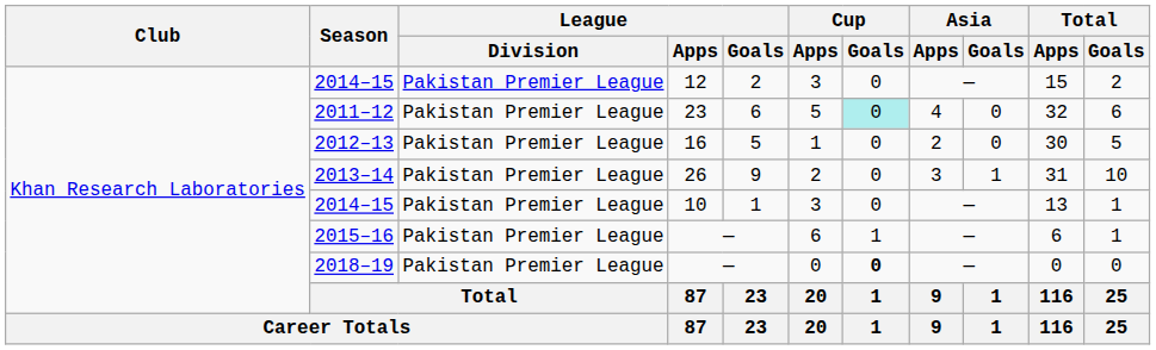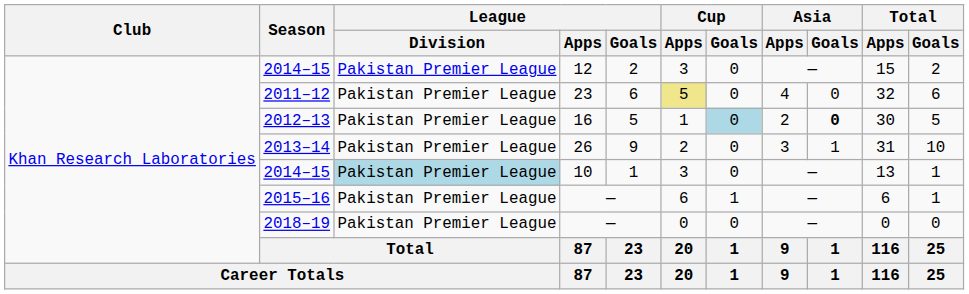 <table class="wikitable" style="text-align: center;">
 <tr>
 <th rowspan="2">Club</th>
 <th rowspan="2">Season</th>
 <th colspan="3">League</th>
 <th colspan="2">Cup</th>
 <th colspan="2">Asia</th>
 <th colspan="2">Total</th>
 </tr>
 <tr>
 <th>Division</th>
 <th>Apps</th>
 <th>Goals</th>
 <th>Apps</th>
 <th>Goals</th>
 <th>Apps</th>
 <th>Goals</th>
 <th>Apps</th>
 <th>Goals</th>
 </tr>
 <tr>
 <td rowspan="8" valign="center"><a href='#'>Khan Research Laboratories</a></td>
 <td><a href='#'>2014–15</a></td>
 <td><a href='#'>Pakistan Premier League</a></td>
 <td>12</td>
 <td>2</td>
 <td>3</td>
 <td>0</td>
 <td colspan="2">—</td>
 <td>15</td>
 <td>2</td>
 </tr>
 <tr>
 <td><a href='#'>2011–12</a></td>
 <td>Pakistan Premier League</td>
 <td>23</td>
 <td>6</td>
-<td>5</td>
-<td style="background: paleturquoise;">0</td>
+<td style="background: khaki;">5</td>
+<td>0</td>
 <td>4</td>
 <td>0</td>
 <td>32</td>
 <td>6</td>
 </tr>
 <tr>
 <td><a href='#'>2012–13</a></td>
 <td>Pakistan Premier League</td>
 <td>16</td>
 <td>5</td>
 <td>1</td>
-<td>0</td>
+<td style="background: lightblue;">0</td>
 <td>2</td>
-<td>0</td>
+<td><strong>0</strong></td>
 <td>30</td>
 <td>5</td>
 </tr>
 <tr>
 <td><a href='#'>2013–14</a></td>
 <td>Pakistan Premier League</td>
 <td>26</td>
 <td>9</td>
 <td>2</td>
 <td>0</td>
 <td>3</td>
 <td>1</td>
 <td>31</td>
 <td>10</td>
 </tr>
 <tr>
 <td><a href='#'>2014–15</a></td>
-<td>Pakistan Premier League</td>
+<td style="background: lightblue;">Pakistan Premier League</td>
 <td>10</td>
 <td>1</td>
 <td>3</td>
 <td>0</td>
 <td colspan="2">—</td>
 <td>13</td>
 <td>1</td>
 </tr>
 <tr>
 <td><a href='#'>2015–16</a></td>
 <td>Pakistan Premier League</td>
 <td colspan="2">—</td>
 <td>6</td>
 <td>1</td>
 <td colspan="2">—</td>
 <td>6</td>
 <td>1</td>
 </tr>
 <tr>
 <td><a href='#'>2018–19</a></td>
 <td>Pakistan Premier League</td>
 <td colspan="2">—</td>
 <td>0</td>
-<td><strong>0</strong></td>
+<td>0</td>
 <td colspan="2">—</td>
 <td>0</td>
 <td>0</td>
 </tr>
 <tr>
 <th colspan="2">Total</th>
 <th>87</th>
 <th>23</th>
 <th>20</th>
 <th>1</th>
 <th>9</th>
 <th>1</th>
 <th>116</th>
 <th>25</th>
 </tr>
 <tr>
 <th colspan="3">Career Totals</th>
 <th>87</th>
 <th>23</th>
 <th>20</th>
 <th>1</th>
 <th>9</th>
 <th>1</th>
 <th>116</th>
 <th>25</th>
 </tr>
 </table>
